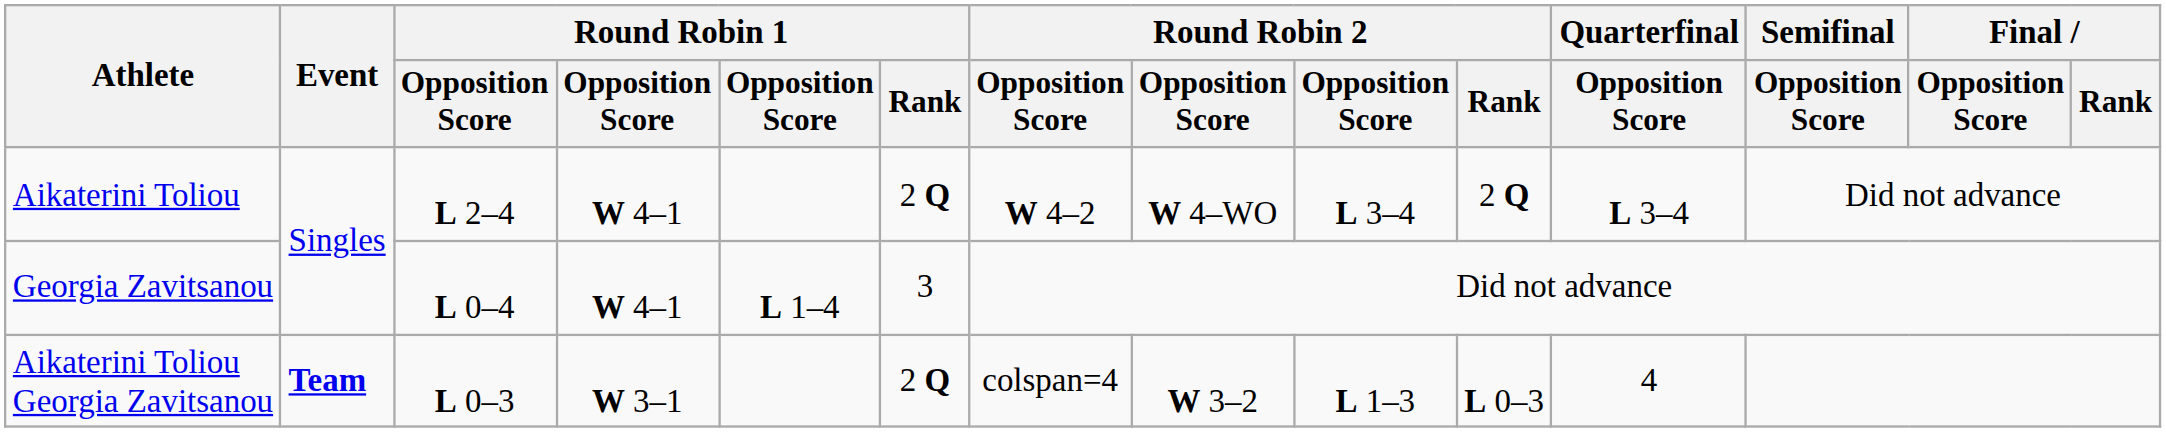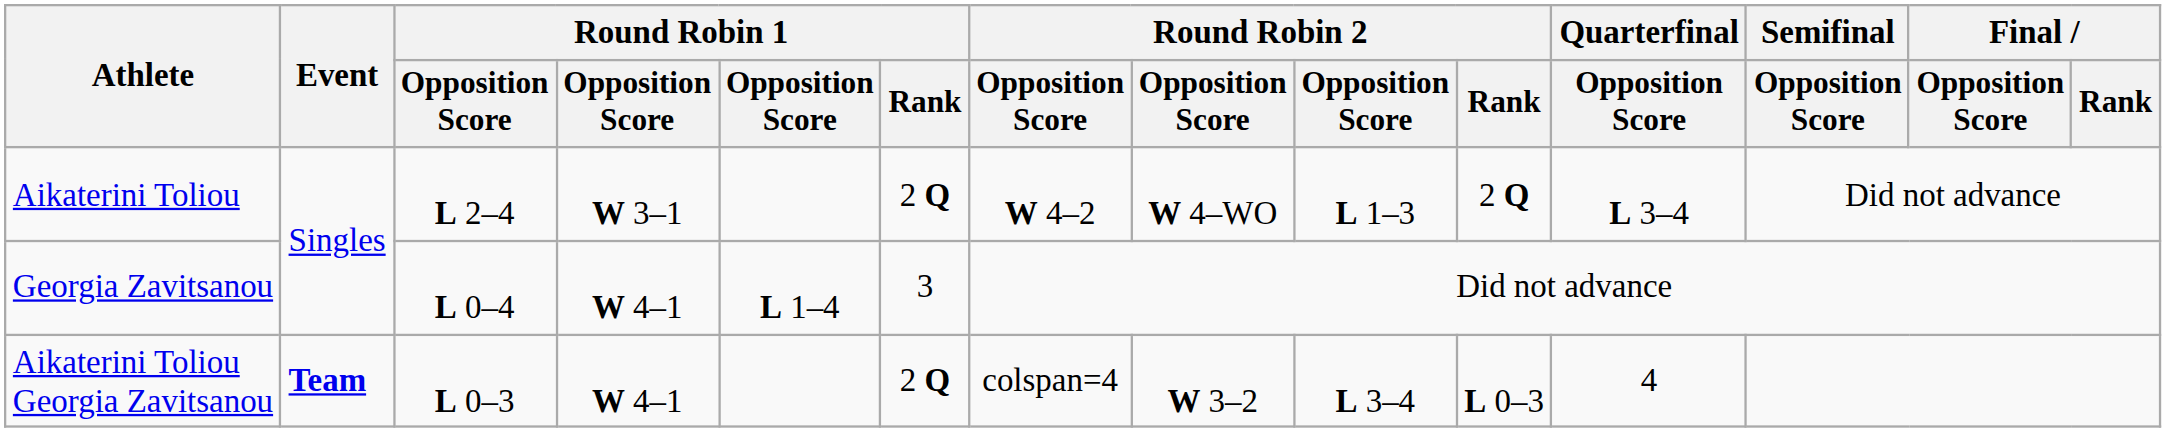 <table class=wikitable style="font-size:90%">
 <tr>
 <th rowspan=2>Athlete</th>
 <th rowspan=2>Event</th>
 <th colspan=4>Round Robin 1</th>
 <th colspan=4>Round Robin 2</th>
 <th>Quarterfinal</th>
 <th>Semifinal</th>
 <th colspan=2>Final / </th>
 </tr>
 <tr style="font-size:95%">
 <th>Opposition<br>Score</th>
 <th>Opposition<br>Score</th>
 <th>Opposition<br>Score</th>
 <th>Rank</th>
 <th>Opposition<br>Score</th>
 <th>Opposition<br>Score</th>
 <th>Opposition<br>Score</th>
 <th>Rank</th>
 <th>Opposition<br>Score</th>
 <th>Opposition<br>Score</th>
 <th>Opposition<br>Score</th>
 <th>Rank</th>
 </tr>
 <tr align=center>
 <td align=left><a href='#'>Aikaterini Toliou</a></td>
 <td align=left rowspan=2><a href='#'>Singles</a></td>
 <td><br><strong>L</strong> 2–4</td>
-<td><br><strong>W</strong> 4–1</td>
+<td><br><strong>W</strong> 3–1</td>
 <td></td>
 <td>2 <strong>Q</strong></td>
 <td><br><strong>W</strong> 4–2</td>
 <td><br><strong>W</strong> 4–WO</td>
-<td><br><strong>L</strong> 3–4</td>
+<td><br><strong>L</strong> 1–3</td>
 <td>2 <strong>Q</strong></td>
 <td><br><strong>L</strong> 3–4</td>
 <td colspan=3>Did not advance</td>
 </tr>
 <tr align=center>
 <td align=left><a href='#'>Georgia Zavitsanou</a></td>
 <td><br><strong>L</strong> 0–4</td>
 <td><br><strong>W</strong> 4–1</td>
 <td><br><strong>L</strong> 1–4</td>
 <td>3</td>
 <td colspan=8>Did not advance</td>
 </tr>
 <tr align=center>
 <td align=left><a href='#'>Aikaterini Toliou</a><br><a href='#'>Georgia Zavitsanou</a></td>
 <td align=left><strong><a href='#'>Team</a></strong></td>
 <td><br><strong>L</strong> 0–3</td>
-<td><br><strong>W</strong> 3–1</td>
+<td><br><strong>W</strong> 4–1</td>
 <td></td>
 <td>2 <strong>Q</strong></td>
 <td>colspan=4 </td>
 <td><br><strong>W</strong> 3–2</td>
-<td><br><strong>L</strong> 1–3</td>
+<td><br><strong>L</strong> 3–4</td>
 <td><br><strong>L</strong> 0–3</td>
 <td>4</td>
 </tr>
 </table>
